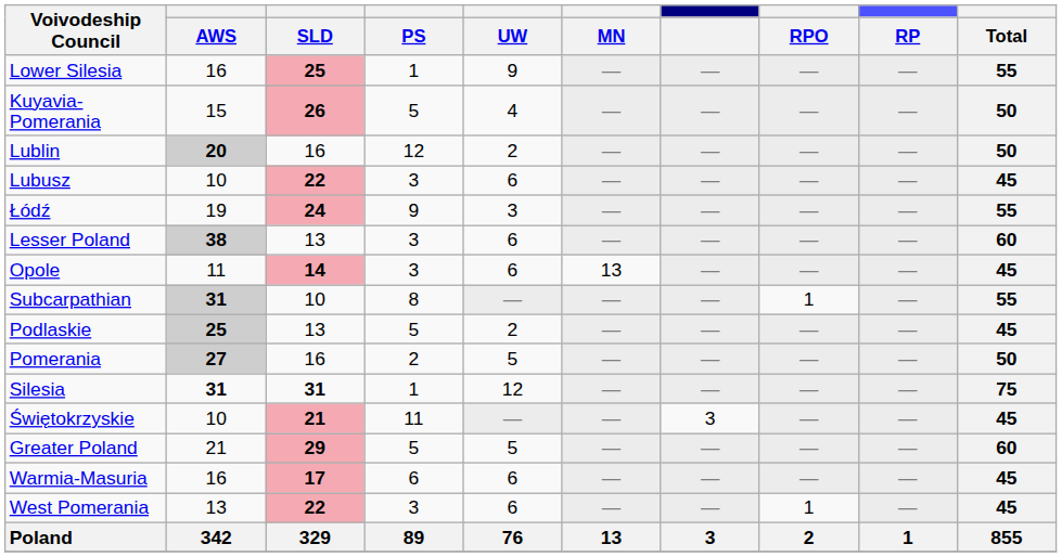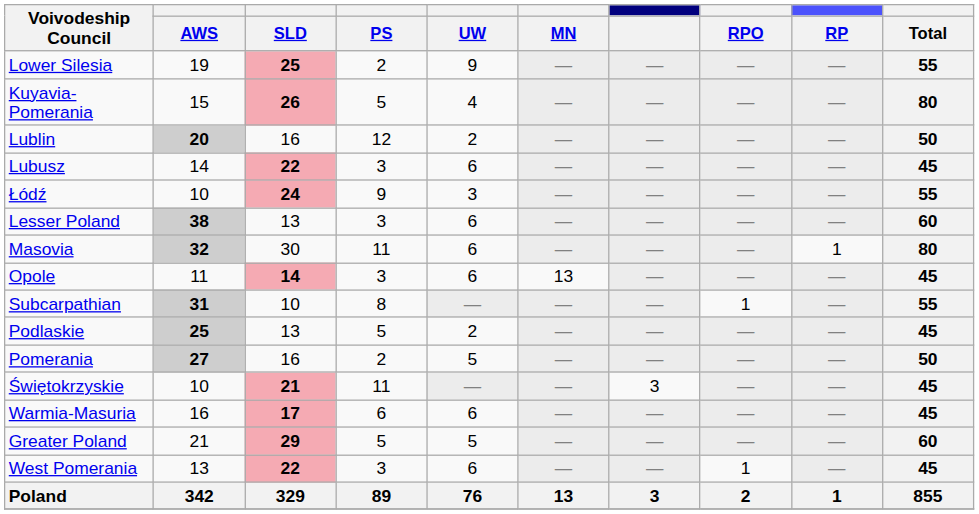 <table class="wikitable sortable" style="text-align:center; font-size:85%;">
 <tr text-align:center;>
 <th style="width:110px;" rowspan="2">Voivodeship<br>Council</th>
 <th style="background: "></th>
 <th style="background: "></th>
 <th style="background: "></th>
 <th style="background: "></th>
 <th style="background: "></th>
 <th style="background: #01007E;"></th>
 <th style="background: "></th>
 <th style="background: #4C52FC;"></th>
 <th style="background: ;"></th>
 </tr>
 <tr text-align:center;>
 <th style="font-size:95%; width:65px;"><a href='#'>AWS</a></th>
 <th style="font-size:95%; width:65px;"><a href='#'>SLD</a></th>
 <th style="font-size:95%; width:65px;"><a href='#'>PS</a></th>
 <th style="font-size:95%; width:65px;"><a href='#'>UW</a></th>
 <th style="font-size:95%; width:65px;"><a href='#'>MN</a></th>
 <th style="font-size:95%; width:65px;"></th>
 <th style="font-size:95%; width:65px;"><a href='#'>RPO</a></th>
 <th style="font-size:95%; width:65px;"><a href='#'>RP</a></th>
 <th style="font-size:95%; width:65px;">Total</th>
 </tr>
 <tr>
 <td style="text-align: left;"><a href='#'>Lower Silesia</a></td>
-<td>16</td>
+<td>19</td>
 <td style="background: #F5AAB3;"><strong>25</strong></td>
-<td>1</td>
+<td>2</td>
 <td>9</td>
 <td style="background: #ececec; color:gray;">—</td>
 <td style="background: #ececec; color:gray;">—</td>
 <td style="background: #ececec; color:gray;">—</td>
 <td style="background: #ececec; color:gray;">—</td>
 <th>55</th>
 </tr>
 <tr>
 <td style="text-align: left;"><a href='#'>Kuyavia-Pomerania</a></td>
 <td>15</td>
 <td style="background: #F5AAB3;"><strong>26</strong></td>
 <td>5</td>
 <td>4</td>
 <td style="background: #ececec; color:gray;">—</td>
 <td style="background: #ececec; color:gray;">—</td>
 <td style="background: #ececec; color:gray;">—</td>
 <td style="background: #ececec; color:gray;">—</td>
-<th>50</th>
+<th>80</th>
 </tr>
 <tr>
 <td style="text-align: left;"><a href='#'>Lublin</a></td>
 <td style="background: #CECECE;"><strong>20</strong></td>
 <td>16</td>
 <td>12</td>
 <td>2</td>
 <td style="background: #ececec; color:gray;">—</td>
 <td style="background: #ececec; color:gray;">—</td>
 <td style="background: #ececec; color:gray;">—</td>
 <td style="background: #ececec; color:gray;">—</td>
 <th>50</th>
 </tr>
 <tr>
 <td style="text-align: left;"><a href='#'>Lubusz</a></td>
-<td>10</td>
+<td>14</td>
 <td style="background: #F5AAB3;"><strong>22</strong></td>
 <td>3</td>
 <td>6</td>
 <td style="background: #ececec; color:gray;">—</td>
 <td style="background: #ececec; color:gray;">—</td>
 <td style="background: #ececec; color:gray;">—</td>
 <td style="background: #ececec; color:gray;">—</td>
 <th>45</th>
 </tr>
 <tr>
 <td style="text-align: left;"><a href='#'>Łódź</a></td>
-<td>19</td>
+<td>10</td>
 <td style="background: #F5AAB3;"><strong>24</strong></td>
 <td>9</td>
 <td>3</td>
 <td style="background: #ececec; color:gray;">—</td>
 <td style="background: #ececec; color:gray;">—</td>
 <td style="background: #ececec; color:gray;">—</td>
 <td style="background: #ececec; color:gray;">—</td>
 <th>55</th>
 </tr>
 <tr>
 <td style="text-align: left;"><a href='#'>Lesser Poland</a></td>
 <td style="background: #CECECE;"><strong>38</strong></td>
 <td>13</td>
 <td>3</td>
 <td>6</td>
 <td style="background: #ececec; color:gray;">—</td>
 <td style="background: #ececec; color:gray;">—</td>
 <td style="background: #ececec; color:gray;">—</td>
 <td style="background: #ececec; color:gray;">—</td>
 <th>60</th>
+</tr>
+<tr>
+<td style="text-align: left;"><a href='#'>Masovia</a></td>
+<td style="background: #CECECE;"><strong>32</strong></td>
+<td>30</td>
+<td>11</td>
+<td>6</td>
+<td style="background: #ececec; color:gray;">—</td>
+<td style="background: #ececec; color:gray;">—</td>
+<td style="background: #ececec; color:gray;">—</td>
+<td>1</td>
+<th>80</th>
 </tr>
 <tr>
 <td style="text-align: left;"><a href='#'>Opole</a></td>
 <td>11</td>
 <td style="background: #F5AAB3;"><strong>14</strong></td>
 <td>3</td>
 <td>6</td>
 <td>13</td>
 <td style="background: #ececec; color:gray;">—</td>
 <td style="background: #ececec; color:gray;">—</td>
 <td style="background: #ececec; color:gray;">—</td>
 <th>45</th>
 </tr>
 <tr>
 <td style="text-align: left;"><a href='#'>Subcarpathian</a></td>
 <td style="background: #CECECE;"><strong>31</strong></td>
 <td>10</td>
 <td>8</td>
 <td style="background: #ececec; color:gray;">—</td>
 <td style="background: #ececec; color:gray;">—</td>
 <td style="background: #ececec; color:gray;">—</td>
 <td>1</td>
 <td style="background: #ececec; color:gray;">—</td>
 <th>55</th>
 </tr>
 <tr>
 <td style="text-align: left;"><a href='#'>Podlaskie</a></td>
 <td style="background: #CECECE;"><strong>25</strong></td>
 <td>13</td>
 <td>5</td>
 <td>2</td>
 <td style="background: #ececec; color:gray;">—</td>
 <td style="background: #ececec; color:gray;">—</td>
 <td style="background: #ececec; color:gray;">—</td>
 <td style="background: #ececec; color:gray;">—</td>
 <th>45</th>
 </tr>
 <tr>
 <td style="text-align: left;"><a href='#'>Pomerania</a></td>
 <td style="background: #CECECE;"><strong>27</strong></td>
 <td>16</td>
 <td>2</td>
 <td>5</td>
 <td style="background: #ececec; color:gray;">—</td>
 <td style="background: #ececec; color:gray;">—</td>
 <td style="background: #ececec; color:gray;">—</td>
 <td style="background: #ececec; color:gray;">—</td>
 <th>50</th>
 </tr>
 <tr>
-<td style="text-align: left;"><a href='#'>Silesia</a></td>
-<td><strong>31</strong></td>
-<td><strong>31</strong></td>
-<td>1</td>
-<td>12</td>
-<td style="background: #ececec; color:gray;">—</td>
-<td style="background: #ececec; color:gray;">—</td>
-<td style="background: #ececec; color:gray;">—</td>
-<td style="background: #ececec; color:gray;">—</td>
-<th>75</th>
-</tr>
-<tr>
 <td style="text-align: left;"><a href='#'>Świętokrzyskie</a></td>
 <td>10</td>
 <td style="background: #F5AAB3;"><strong>21</strong></td>
 <td>11</td>
 <td style="background: #ececec; color:gray;">—</td>
 <td style="background: #ececec; color:gray;">—</td>
 <td>3</td>
+<td style="background: #ececec; color:gray;">—</td>
+<td style="background: #ececec; color:gray;">—</td>
+<th>45</th>
+</tr>
+<tr>
+<td style="text-align: left;"><a href='#'>Warmia-Masuria</a></td>
+<td>16</td>
+<td style="background: #F5AAB3;"><strong>17</strong></td>
+<td>6</td>
+<td>6</td>
+<td style="background: #ececec; color:gray;">—</td>
+<td style="background: #ececec; color:gray;">—</td>
 <td style="background: #ececec; color:gray;">—</td>
 <td style="background: #ececec; color:gray;">—</td>
 <th>45</th>
 </tr>
 <tr>
 <td style="text-align: left;"><a href='#'>Greater Poland</a></td>
 <td>21</td>
 <td style="background: #F5AAB3;"><strong>29</strong></td>
 <td>5</td>
 <td>5</td>
 <td style="background: #ececec; color:gray;">—</td>
 <td style="background: #ececec; color:gray;">—</td>
 <td style="background: #ececec; color:gray;">—</td>
 <td style="background: #ececec; color:gray;">—</td>
 <th>60</th>
-</tr>
-<tr>
-<td style="text-align: left;"><a href='#'>Warmia-Masuria</a></td>
-<td>16</td>
-<td style="background: #F5AAB3;"><strong>17</strong></td>
-<td>6</td>
-<td>6</td>
-<td style="background: #ececec; color:gray;">—</td>
-<td style="background: #ececec; color:gray;">—</td>
-<td style="background: #ececec; color:gray;">—</td>
-<td style="background: #ececec; color:gray;">—</td>
-<th>45</th>
 </tr>
 <tr>
 <td style="text-align: left;"><a href='#'>West Pomerania</a></td>
 <td>13</td>
 <td style="background: #F5AAB3;"><strong>22</strong></td>
 <td>3</td>
 <td>6</td>
 <td style="background: #ececec; color:gray;">—</td>
 <td style="background: #ececec; color:gray;">—</td>
 <td>1</td>
 <td style="background: #ececec; color:gray;">—</td>
 <th>45</th>
 </tr>
 <tr>
 <th style="text-align: left;">Poland</th>
 <th>342</th>
 <th>329</th>
 <th>89</th>
 <th>76</th>
 <th>13</th>
 <th>3</th>
 <th>2</th>
 <th>1</th>
 <th>855</th>
 </tr>
 <tr>
 </tr>
 </table>
